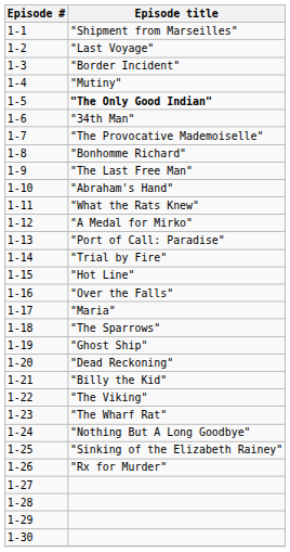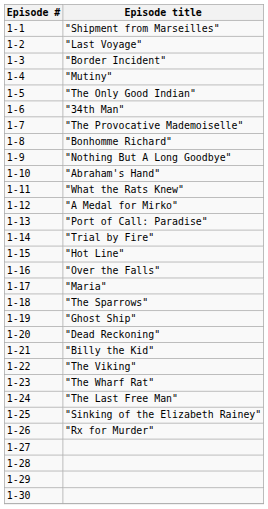 <table class="wikitable">
 <tr>
 <th>Episode #</th>
 <th>Episode title</th>
 </tr>
 <tr>
 <td>1-1</td>
 <td>"Shipment from Marseilles"</td>
 </tr>
 <tr>
 <td>1-2</td>
 <td>"Last Voyage"</td>
 </tr>
 <tr>
 <td>1-3</td>
 <td>"Border Incident"</td>
 </tr>
 <tr>
 <td>1-4</td>
 <td>"Mutiny"</td>
 </tr>
 <tr>
 <td>1-5</td>
-<td><strong>"The Only Good Indian"</strong></td>
+<td>"The Only Good Indian"</td>
 </tr>
 <tr>
 <td>1-6</td>
 <td>"34th Man"</td>
 </tr>
 <tr>
 <td>1-7</td>
 <td>"The Provocative Mademoiselle"</td>
 </tr>
 <tr>
 <td>1-8</td>
 <td>"Bonhomme Richard"</td>
 </tr>
 <tr>
 <td>1-9</td>
-<td>"The Last Free Man"</td>
+<td>"Nothing But A Long Goodbye"</td>
 </tr>
 <tr>
 <td>1-10</td>
 <td>"Abraham's Hand"</td>
 </tr>
 <tr>
 <td>1-11</td>
 <td>"What the Rats Knew"</td>
 </tr>
 <tr>
 <td>1-12</td>
 <td>"A Medal for Mirko"</td>
 </tr>
 <tr>
 <td>1-13</td>
 <td>"Port of Call: Paradise"</td>
 </tr>
 <tr>
 <td>1-14</td>
 <td>"Trial by Fire"</td>
 </tr>
 <tr>
 <td>1-15</td>
 <td>"Hot Line"</td>
 </tr>
 <tr>
 <td>1-16</td>
 <td>"Over the Falls"</td>
 </tr>
 <tr>
 <td>1-17</td>
 <td>"Maria"</td>
 </tr>
 <tr>
 <td>1-18</td>
 <td>"The Sparrows"</td>
 </tr>
 <tr>
 <td>1-19</td>
 <td>"Ghost Ship"</td>
 </tr>
 <tr>
 <td>1-20</td>
 <td>"Dead Reckoning"</td>
 </tr>
 <tr>
 <td>1-21</td>
 <td>"Billy the Kid"</td>
 </tr>
 <tr>
 <td>1-22</td>
 <td>"The Viking"</td>
 </tr>
 <tr>
 <td>1-23</td>
 <td>"The Wharf Rat"</td>
 </tr>
 <tr>
 <td>1-24</td>
-<td>"Nothing But A Long Goodbye"</td>
+<td>"The Last Free Man"</td>
 </tr>
 <tr>
 <td>1-25</td>
 <td>"Sinking of the Elizabeth Rainey"</td>
 </tr>
 <tr>
 <td>1-26</td>
 <td>"Rx for Murder"</td>
 </tr>
 <tr>
 <td>1-27</td>
 <td></td>
 </tr>
 <tr>
 <td>1-28</td>
 <td></td>
 </tr>
 <tr>
 <td>1-29</td>
 <td></td>
 </tr>
 <tr>
 <td>1-30</td>
 <td></td>
 </tr>
 <tr>
 </tr>
 </table>
